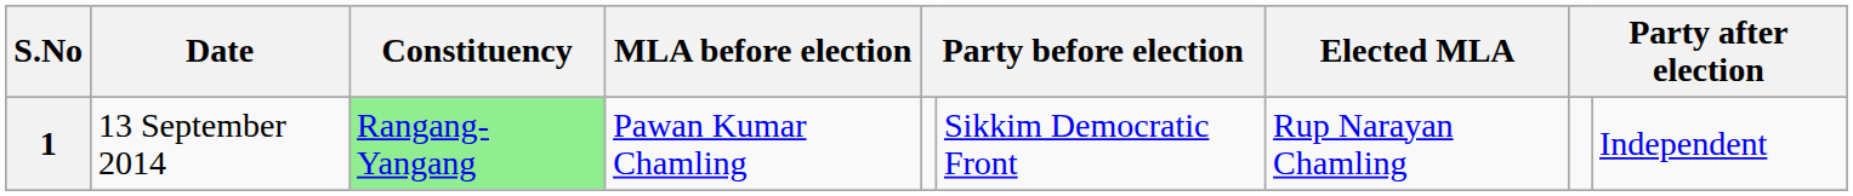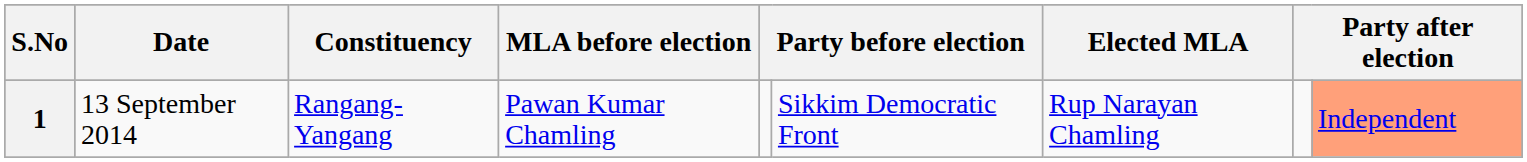 <table class="wikitable sortable">
 <tr>
 <th>S.No</th>
 <th>Date</th>
 <th>Constituency</th>
 <th>MLA before election</th>
 <th colspan="2">Party before election</th>
 <th>Elected MLA</th>
 <th colspan="2">Party after election</th>
 </tr>
 <tr>
 <th>1</th>
 <td>13 September 2014</td>
-<td style="background: lightgreen;"><a href='#'>Rangang-Yangang</a></td>
+<td><a href='#'>Rangang-Yangang</a></td>
 <td><a href='#'>Pawan Kumar Chamling</a></td>
 <td></td>
 <td><a href='#'>Sikkim Democratic Front</a></td>
 <td><a href='#'>Rup Narayan Chamling</a></td>
 <td></td>
-<td><a href='#'>Independent</a></td>
+<td style="background: lightsalmon;"><a href='#'>Independent</a></td>
 </tr>
 </table>
